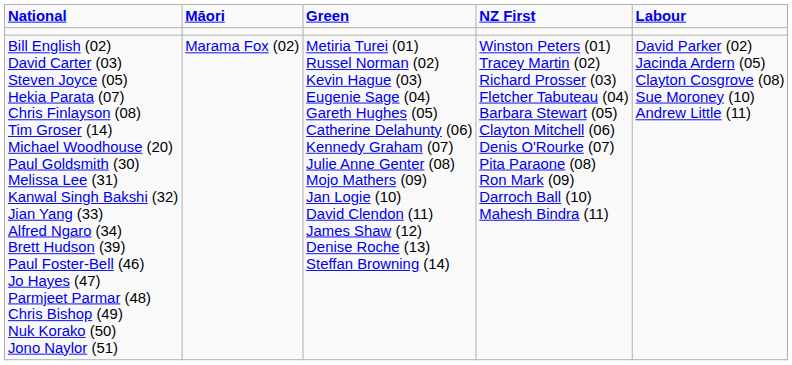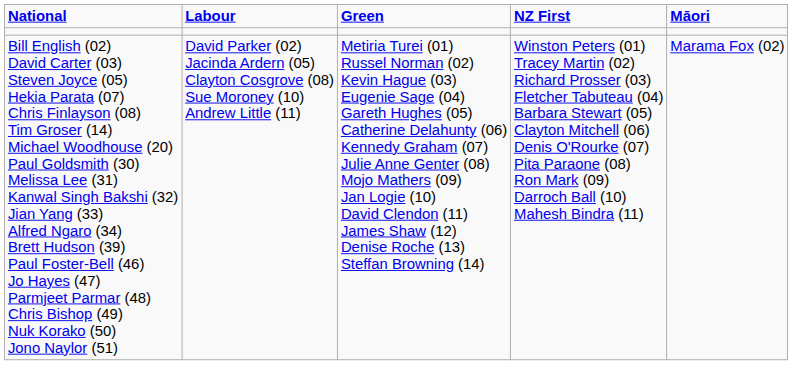 <table class= "wikitable">
 <tr>
 <td><strong><a href='#'>National</a></strong></td>
-<td><strong><a href='#'>Māori</a></strong></td>
+<td><strong><a href='#'>Labour</a></strong></td>
 <td><strong><a href='#'>Green</a></strong></td>
 <td><strong><a href='#'>NZ First</a></strong></td>
-<td><strong><a href='#'>Labour</a></strong></td>
+<td><strong><a href='#'>Māori</a></strong></td>
 </tr>
 <tr>
 <td></td>
 <td></td>
 <td></td>
 <td></td>
 <td></td>
 </tr>
 <tr valign="top">
 <td><a href='#'>Bill English</a> (02)<br><a href='#'>David Carter</a> (03)<br><a href='#'>Steven Joyce</a> (05)<br><a href='#'>Hekia Parata</a> (07)<br><a href='#'>Chris Finlayson</a> (08)<br><a href='#'>Tim Groser</a> (14)<br><a href='#'>Michael Woodhouse</a> (20)<br><a href='#'>Paul Goldsmith</a> (30)<br><a href='#'>Melissa Lee</a> (31)<br> <a href='#'>Kanwal Singh Bakshi</a> (32)<br><a href='#'>Jian Yang</a> (33)<br><a href='#'>Alfred Ngaro</a> (34)<br><a href='#'>Brett Hudson</a> (39)<br><a href='#'>Paul Foster-Bell</a> (46)<br><a href='#'>Jo Hayes</a> (47)<br><a href='#'>Parmjeet Parmar</a> (48)<br><a href='#'>Chris Bishop</a> (49)<br><a href='#'>Nuk Korako</a> (50)<br><a href='#'>Jono Naylor</a> (51)</td>
-<td><a href='#'>Marama Fox</a> (02)</td>
+<td><a href='#'>David Parker</a> (02)<br><a href='#'>Jacinda Ardern</a> (05)<br><a href='#'>Clayton Cosgrove</a> (08)<br><a href='#'>Sue Moroney</a> (10)<br><a href='#'>Andrew Little</a> (11)</td>
 <td><a href='#'>Metiria Turei</a> (01)<br><a href='#'>Russel Norman</a> (02)<br><a href='#'>Kevin Hague</a> (03)<br><a href='#'>Eugenie Sage</a> (04)<br><a href='#'>Gareth Hughes</a> (05)<br><a href='#'>Catherine Delahunty</a> (06)<br><a href='#'>Kennedy Graham</a> (07)<br><a href='#'>Julie Anne Genter</a> (08)<br><a href='#'>Mojo Mathers</a> (09)<br><a href='#'>Jan Logie</a> (10)<br><a href='#'>David Clendon</a> (11)<br><a href='#'>James Shaw</a> (12)<br><a href='#'>Denise Roche</a> (13)<br><a href='#'>Steffan Browning</a> (14)</td>
 <td><a href='#'>Winston Peters</a> (01)<br><a href='#'>Tracey Martin</a> (02)<br> <a href='#'>Richard Prosser</a> (03)<br> <a href='#'>Fletcher Tabuteau</a> (04)<br> <a href='#'>Barbara Stewart</a> (05)<br><a href='#'>Clayton Mitchell</a> (06)<br> <a href='#'>Denis O'Rourke</a> (07)<br> <a href='#'>Pita Paraone</a> (08)<br> <a href='#'>Ron Mark</a> (09)<br> <a href='#'>Darroch Ball</a> (10)<br> <a href='#'>Mahesh Bindra</a> (11)</td>
-<td><a href='#'>David Parker</a> (02)<br><a href='#'>Jacinda Ardern</a> (05)<br><a href='#'>Clayton Cosgrove</a> (08)<br><a href='#'>Sue Moroney</a> (10)<br><a href='#'>Andrew Little</a> (11)</td>
+<td><a href='#'>Marama Fox</a> (02)</td>
 </tr>
 </table>
